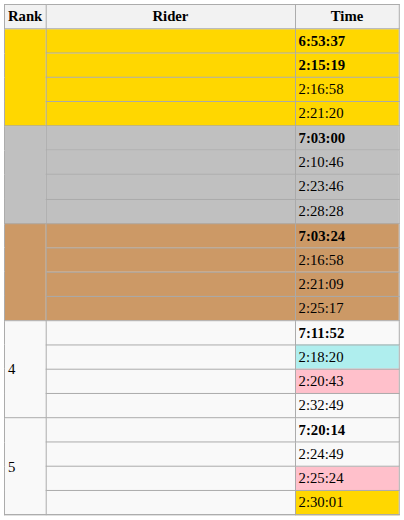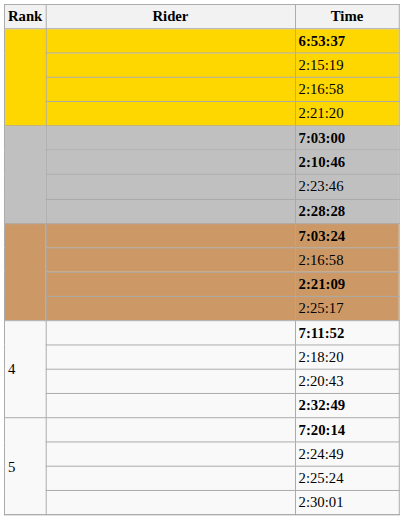 <table class="wikitable" style="font-size:95%" style="width:35em;" style="text-align:center">
 <tr>
 <th>Rank</th>
 <th width=250>Rider</th>
 <th width=100>Time</th>
 </tr>
 <tr bgcolor=gold>
 <td rowspan=4></td>
 <td align=left><strong></strong></td>
 <td><strong>6:53:37</strong></td>
 </tr>
 <tr bgcolor=gold>
 <td align=left></td>
-<td><strong>2:15:19</strong></td>
+<td>2:15:19</td>
 </tr>
 <tr bgcolor=gold>
 <td align=left></td>
 <td>2:16:58</td>
 </tr>
 <tr bgcolor=gold>
 <td align=left></td>
 <td>2:21:20</td>
 </tr>
 <tr bgcolor=silver>
 <td rowspan=4></td>
 <td align=left><strong></strong></td>
 <td><strong>7:03:00</strong></td>
 </tr>
 <tr bgcolor=silver>
 <td align=left></td>
-<td>2:10:46</td>
+<td><strong>2:10:46</strong></td>
 </tr>
 <tr bgcolor=silver>
 <td align=left></td>
 <td>2:23:46</td>
 </tr>
 <tr bgcolor=silver>
 <td align=left></td>
-<td>2:28:28</td>
+<td><strong>2:28:28</strong></td>
 </tr>
 <tr bgcolor=cc9966>
 <td rowspan=4></td>
 <td align=left><strong></strong></td>
 <td><strong>7:03:24</strong></td>
 </tr>
 <tr bgcolor=cc9966>
 <td align=left></td>
 <td>2:16:58</td>
 </tr>
 <tr bgcolor=cc9966>
 <td align=left></td>
-<td>2:21:09</td>
+<td><strong>2:21:09</strong></td>
 </tr>
 <tr bgcolor=cc9966>
 <td align=left></td>
 <td>2:25:17</td>
 </tr>
 <tr>
 <td rowspan=4>4</td>
 <td align=left><strong></strong></td>
 <td><strong>7:11:52</strong></td>
 </tr>
 <tr>
 <td align=left></td>
-<td style="background: paleturquoise;">2:18:20</td>
+<td>2:18:20</td>
 </tr>
 <tr>
 <td align=left></td>
-<td style="background: pink;">2:20:43</td>
+<td>2:20:43</td>
 </tr>
 <tr>
 <td align=left></td>
-<td>2:32:49</td>
+<td><strong>2:32:49</strong></td>
 </tr>
 <tr>
 <td rowspan=4>5</td>
 <td align=left><strong></strong></td>
 <td><strong>7:20:14</strong></td>
 </tr>
 <tr>
 <td align=left></td>
 <td>2:24:49</td>
 </tr>
 <tr>
 <td align=left></td>
-<td style="background: pink;">2:25:24</td>
+<td>2:25:24</td>
 </tr>
 <tr>
 <td align=left></td>
-<td style="background: gold;">2:30:01</td>
+<td>2:30:01</td>
 </tr>
 <tr>
 </tr>
 </table>
